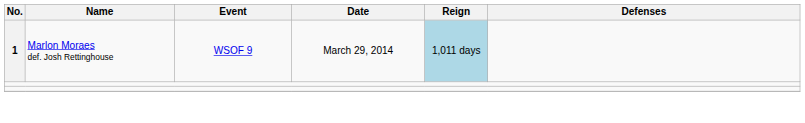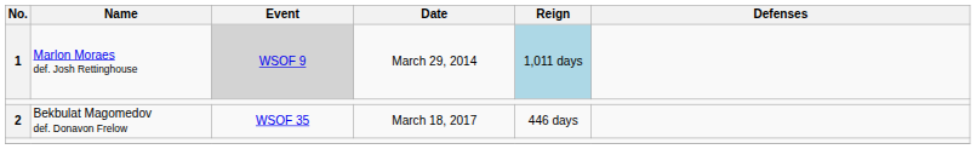 <table class="wikitable" width=100%>
 <tr>
 <th width=1%>No.</th>
 <th width=19%>Name</th>
 <th width=15%>Event</th>
 <th width=17%>Date</th>
 <th width=8%>Reign</th>
 <th width=40%>Defenses</th>
 </tr>
 <tr>
 <th>1</th>
 <td> <a href='#'>Marlon Moraes</a><br><small>def. Josh Rettinghouse</small></td>
-<td align=center><a href='#'>WSOF 9</a><br></td>
+<td align=center style="background: lightgrey;"><a href='#'>WSOF 9</a><br></td>
 <td align=center>March 29, 2014</td>
 <td align=center style="background: lightblue;">1,011 days</td>
 <td><br> <br> <br> <br> <br> </td>
 </tr>
 <tr>
 <td align="center" colspan="6"></td>
 </tr>
 <tr>
+<th>2</th>
+<td> Bekbulat Magomedov<br><small>def. Donavon Frelow</small></td>
+<td align=center><a href='#'>WSOF 35</a><br></td>
+<td align=center>March 18, 2017</td>
+<td align=center>446 days</td>
+<td></td>
+</tr>
+<tr>
 <td align="center" colspan="6"></td>
 </tr>
 <tr>
 </tr>
 </table>
